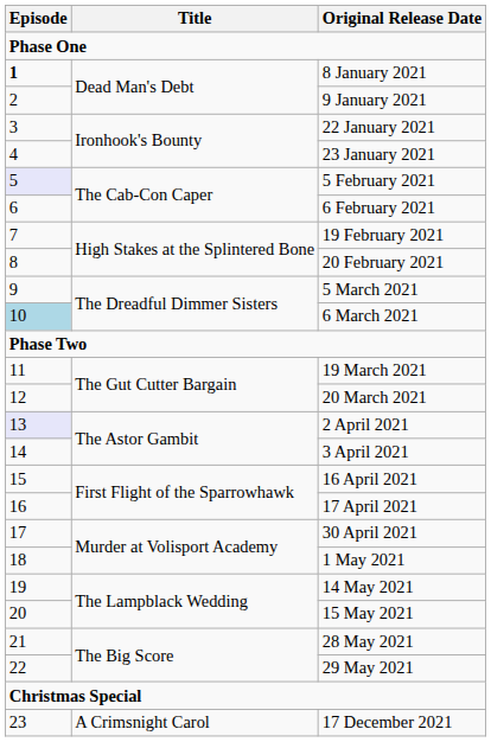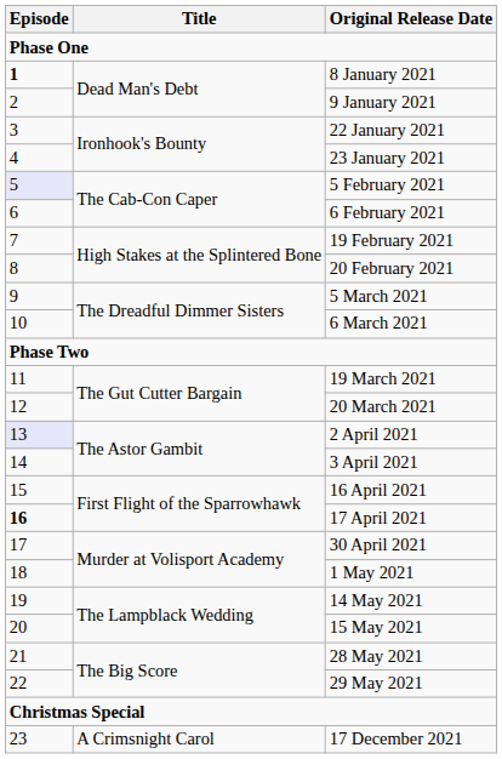 <table class="wikitable">
 <tr>
 <th>Episode</th>
 <th>Title</th>
 <th>Original Release Date</th>
 </tr>
 <tr>
 <td colspan=3><strong>Phase One</strong></td>
 </tr>
 <tr>
 <td><strong>1</strong></td>
 <td rowspan=2>Dead Man's Debt</td>
 <td>8 January 2021</td>
 </tr>
 <tr>
 <td>2</td>
 <td>9 January 2021</td>
 </tr>
 <tr>
 <td>3</td>
 <td rowspan=2>Ironhook's Bounty</td>
 <td>22 January 2021</td>
 </tr>
 <tr>
 <td>4</td>
 <td>23 January 2021</td>
 </tr>
 <tr>
 <td style="background: lavender;">5</td>
 <td rowspan=2>The Cab-Con Caper</td>
 <td>5 February 2021</td>
 </tr>
 <tr>
 <td>6</td>
 <td>6 February 2021</td>
 </tr>
 <tr>
 <td>7</td>
 <td rowspan=2>High Stakes at the Splintered Bone</td>
 <td>19 February 2021</td>
 </tr>
 <tr>
 <td>8</td>
 <td>20 February 2021</td>
 </tr>
 <tr>
 <td>9</td>
 <td rowspan=2>The Dreadful Dimmer Sisters</td>
 <td>5 March 2021</td>
 </tr>
 <tr>
-<td style="background: lightblue;">10</td>
+<td>10</td>
 <td>6 March 2021</td>
 </tr>
 <tr>
 <td colspan=3><strong>Phase Two</strong></td>
 </tr>
 <tr>
 <td>11</td>
 <td rowspan=2>The Gut Cutter Bargain</td>
 <td>19 March 2021</td>
 </tr>
 <tr>
 <td>12</td>
 <td>20 March 2021</td>
 </tr>
 <tr>
 <td style="background: lavender;">13</td>
 <td rowspan=2>The Astor Gambit</td>
 <td>2 April 2021</td>
 </tr>
 <tr>
 <td>14</td>
 <td>3 April 2021</td>
 </tr>
 <tr>
 <td>15</td>
 <td rowspan=2>First Flight of the Sparrowhawk</td>
 <td>16 April 2021</td>
 </tr>
 <tr>
-<td>16</td>
+<td><strong>16</strong></td>
 <td>17 April 2021</td>
 </tr>
 <tr>
 <td>17</td>
 <td rowspan=2>Murder at Volisport Academy</td>
 <td>30 April 2021</td>
 </tr>
 <tr>
 <td>18</td>
 <td>1 May 2021</td>
 </tr>
 <tr>
 <td>19</td>
 <td rowspan=2>The Lampblack Wedding</td>
 <td>14 May 2021</td>
 </tr>
 <tr>
 <td>20</td>
 <td>15 May 2021</td>
 </tr>
 <tr>
 <td>21</td>
 <td rowspan=2>The Big Score</td>
 <td>28 May 2021</td>
 </tr>
 <tr>
 <td>22</td>
 <td>29 May 2021</td>
 </tr>
 <tr>
 <td colspan=3><strong>Christmas Special</strong></td>
 </tr>
 <tr>
 <td>23</td>
 <td>A Crimsnight Carol</td>
 <td>17 December 2021</td>
 </tr>
 </table>
